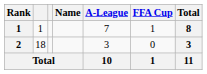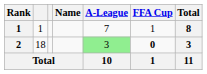 <table class="wikitable sortable" style="text-align:center">
 <tr>
 <th>Rank</th>
 <th></th>
 <th></th>
 <th>Name</th>
 <th><a href='#'>A-League</a></th>
 <th><a href='#'>FFA Cup</a></th>
 <th>Total</th>
 </tr>
 <tr>
 <th>1</th>
 <td>1</td>
 <td></td>
 <td align="left"></td>
 <td>7</td>
 <td>1</td>
 <th>8</th>
 </tr>
 <tr>
 <th>2</th>
 <td>18</td>
 <td></td>
 <td align="left"></td>
-<td>3</td>
-<td>0</td>
+<td style="background: lightgreen;">3</td>
+<td><strong>0</strong></td>
 <th>3</th>
 </tr>
 <tr>
 <th colspan="4">Total</th>
 <th>10</th>
 <th>1</th>
 <th>11</th>
 </tr>
 </table>
